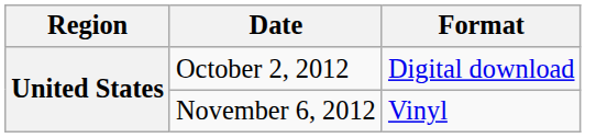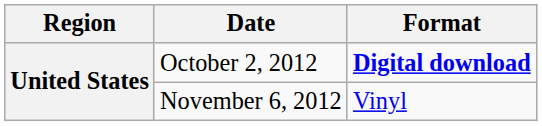 <table class="wikitable plainrowheaders">
 <tr>
 <th scope="col">Region</th>
 <th scope="col">Date</th>
 <th scope="col">Format</th>
 </tr>
 <tr>
 <th scope="row" rowspan="2">United States</th>
 <td>October 2, 2012</td>
-<td><a href='#'>Digital download</a></td>
+<td><strong><a href='#'>Digital download</a></strong></td>
 </tr>
 <tr>
 <td>November 6, 2012</td>
 <td><a href='#'>Vinyl</a></td>
 </tr>
 </table>
